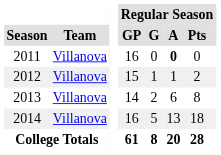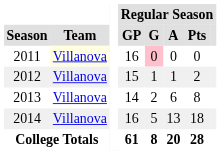 <table BORDER="0" CELLPADDING="3" CELLSPACING="0">
 <tr ALIGN="center" bgcolor="#e0e0e0">
 <th colspan="2" bgcolor="#ffffff"> </th>
 <th rowspan="99" bgcolor="#ffffff"> </th>
 <th colspan="6">Regular Season</th>
 </tr>
 <tr ALIGN="center" bgcolor="#e0e0e0">
 <th>Season</th>
 <th>Team</th>
 <th>GP</th>
 <th>G</th>
 <th>A</th>
 <th>Pts</th>
 <th></th>
 </tr>
 <tr ALIGN="center">
 <td>2011</td>
-<td><a href='#'>Villanova</a></td>
+<td style="background: lightyellow;"><a href='#'>Villanova</a></td>
 <td>16</td>
+<td style="background: pink;">0</td>
 <td>0</td>
-<td><strong>0</strong></td>
 <td>0</td>
 <td></td>
 </tr>
 <tr ALIGN="center" bgcolor="#f0f0f0">
 <td>2012</td>
 <td><a href='#'>Villanova</a></td>
 <td>15</td>
 <td>1</td>
 <td>1</td>
 <td>2</td>
 <td></td>
 </tr>
 <tr ALIGN="center">
 <td>2013</td>
 <td><a href='#'>Villanova</a></td>
 <td>14</td>
 <td>2</td>
 <td>6</td>
 <td>8</td>
 <td></td>
 </tr>
 <tr ALIGN="center" bgcolor="#f0f0f0">
 <td>2014</td>
 <td><a href='#'>Villanova</a></td>
 <td>16</td>
 <td>5</td>
 <td>13</td>
 <td>18</td>
 <td></td>
 </tr>
 <tr ALIGN="center">
 <th colspan="2">College Totals</th>
 <th>61</th>
 <th>8</th>
 <th>20</th>
 <th>28</th>
 <th></th>
 </tr>
 </table>
